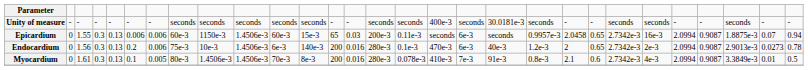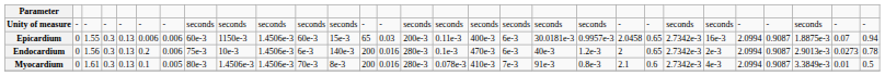 <table class="wikitable" style="font-size: 8pt;">
 <tr>
 <th scope="row">Parameter</th>
 <td></td>
 <td></td>
 <td></td>
 <td></td>
 <td></td>
 <td></td>
 <td></td>
 <td></td>
 <td></td>
 <td></td>
 <td></td>
 <td></td>
 <td></td>
 <td></td>
 <td></td>
 <td></td>
 <td></td>
 <td></td>
 <td></td>
 <td></td>
 <td></td>
 <td></td>
 <td></td>
 <td></td>
 <td></td>
 <td></td>
 <td></td>
 <td></td>
 </tr>
 <tr>
 <th scope="row">Unity of measure</th>
 <td>-</td>
 <td>-</td>
 <td>-</td>
 <td>-</td>
 <td>-</td>
 <td>-</td>
 <td>seconds</td>
 <td>seconds</td>
 <td>seconds</td>
 <td>seconds</td>
 <td>seconds</td>
 <td>-</td>
 <td>-</td>
 <td>seconds</td>
 <td>seconds</td>
-<td>400e-3</td>
 <td>seconds</td>
-<td>30.0181e-3</td>
+<td>seconds</td>
+<td>seconds</td>
 <td>seconds</td>
 <td>-</td>
 <td>-</td>
 <td>seconds</td>
 <td>seconds</td>
 <td>-</td>
 <td>-</td>
 <td>seconds</td>
 <td>-</td>
 <td>-</td>
 </tr>
 <tr>
 <th scope="row">Epicardium</th>
 <td>0</td>
 <td>1.55</td>
 <td>0.3</td>
 <td>0.13</td>
 <td>0.006</td>
 <td>0.006</td>
 <td>60e-3</td>
 <td>1150e-3</td>
 <td>1.4506e-3</td>
 <td>60e-3</td>
 <td>15e-3</td>
 <td>65</td>
 <td>0.03</td>
 <td>200e-3</td>
 <td>0.11e-3</td>
-<td>seconds</td>
+<td>400e-3</td>
 <td>6e-3</td>
-<td>seconds</td>
+<td>30.0181e-3</td>
 <td>0.9957e-3</td>
 <td>2.0458</td>
 <td>0.65</td>
 <td>2.7342e-3</td>
 <td>16e-3</td>
 <td>2.0994</td>
 <td>0.9087</td>
 <td>1.8875e-3</td>
 <td>0.07</td>
 <td>0.94</td>
 </tr>
 <tr>
 <th scope="row">Endocardium</th>
 <td>0</td>
 <td>1.56</td>
 <td>0.3</td>
 <td>0.13</td>
 <td>0.2</td>
 <td>0.006</td>
 <td>75e-3</td>
 <td>10e-3</td>
 <td>1.4506e-3</td>
 <td>6e-3</td>
 <td>140e-3</td>
 <td>200</td>
 <td>0.016</td>
 <td>280e-3</td>
 <td>0.1e-3</td>
 <td>470e-3</td>
 <td>6e-3</td>
 <td>40e-3</td>
 <td>1.2e-3</td>
 <td>2</td>
 <td>0.65</td>
 <td>2.7342e-3</td>
 <td>2e-3</td>
 <td>2.0994</td>
 <td>0.9087</td>
 <td>2.9013e-3</td>
 <td>0.0273</td>
 <td>0.78</td>
 </tr>
 <tr>
 <th scope="row">Myocardium</th>
 <td>0</td>
 <td>1.61</td>
 <td>0.3</td>
 <td>0.13</td>
 <td>0.1</td>
 <td>0.005</td>
 <td>80e-3</td>
 <td>1.4506e-3</td>
 <td>1.4506e-3</td>
 <td>70e-3</td>
 <td>8e-3</td>
 <td>200</td>
 <td>0.016</td>
 <td>280e-3</td>
 <td>0.078e-3</td>
 <td>410e-3</td>
 <td>7e-3</td>
 <td>91e-3</td>
 <td>0.8e-3</td>
 <td>2.1</td>
 <td>0.6</td>
 <td>2.7342e-3</td>
 <td>4e-3</td>
 <td>2.0994</td>
 <td>0.9087</td>
 <td>3.3849e-3</td>
 <td>0.01</td>
 <td>0.5</td>
 </tr>
 <tr |||>
 </tr>
 </table>
